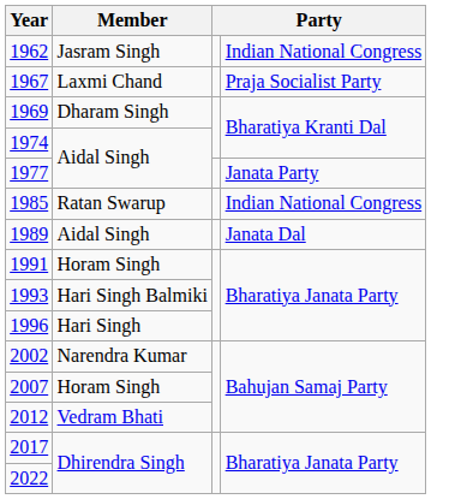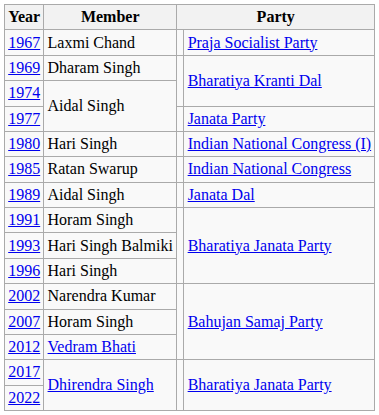 <table class="wikitable">
 <tr>
 <th>Year</th>
 <th>Member</th>
 <th colspan="2">Party</th>
-</tr>
-<tr>
-<td><a href='#'>1962</a></td>
-<td>Jasram Singh</td>
-<td style="background-color: "></td>
-<td><a href='#'>Indian National Congress</a></td>
 </tr>
 <tr>
 <td><a href='#'>1967</a></td>
 <td>Laxmi Chand</td>
 <td style="background-color: "></td>
 <td><a href='#'>Praja Socialist Party</a></td>
 </tr>
 <tr>
 <td><a href='#'>1969</a></td>
 <td>Dharam Singh</td>
 <td rowspan="2" style="background-color: "></td>
 <td rowspan="2"><a href='#'>Bharatiya Kranti Dal</a></td>
 </tr>
 <tr>
 <td><a href='#'>1974</a></td>
 <td rowspan="2">Aidal Singh</td>
 </tr>
 <tr>
 <td><a href='#'>1977</a></td>
 <td style="background-color: "></td>
 <td><a href='#'>Janata Party</a></td>
+</tr>
+<tr>
+<td><a href='#'>1980</a></td>
+<td>Hari Singh</td>
+<td style="background-color: "></td>
+<td><a href='#'>Indian National Congress (I)</a></td>
 </tr>
 <tr>
 <td><a href='#'>1985</a></td>
 <td>Ratan Swarup</td>
 <td style="background-color: "></td>
 <td><a href='#'>Indian National Congress</a></td>
 </tr>
 <tr>
 <td><a href='#'>1989</a></td>
 <td>Aidal Singh</td>
 <td style="background-color: "></td>
 <td><a href='#'>Janata Dal</a></td>
 </tr>
 <tr>
 <td><a href='#'>1991</a></td>
 <td>Horam Singh</td>
 <td rowspan="3" style="background-color: "></td>
 <td rowspan="3"><a href='#'>Bharatiya Janata Party</a></td>
 </tr>
 <tr>
 <td><a href='#'>1993</a></td>
 <td>Hari Singh Balmiki</td>
 </tr>
 <tr>
 <td><a href='#'>1996</a></td>
 <td>Hari Singh</td>
 </tr>
 <tr>
 <td><a href='#'>2002</a></td>
 <td>Narendra Kumar</td>
 <td rowspan="3" style="background-color: "></td>
 <td rowspan="3"><a href='#'>Bahujan Samaj Party</a></td>
 </tr>
 <tr>
 <td><a href='#'>2007</a></td>
 <td>Horam Singh</td>
 </tr>
 <tr>
 <td><a href='#'>2012</a></td>
 <td><a href='#'>Vedram Bhati</a></td>
 </tr>
 <tr>
 <td><a href='#'>2017</a></td>
 <td rowspan="2"><a href='#'>Dhirendra Singh</a></td>
 <td rowspan="2" style="background-color: "></td>
 <td rowspan="2"><a href='#'>Bharatiya Janata Party</a></td>
 </tr>
 <tr>
 <td><a href='#'>2022</a></td>
 </tr>
 </table>
